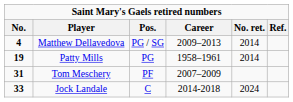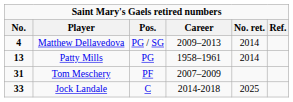 <table class="wikitable sortable" style="text-align:center">
 <tr>
 <td colspan=6><strong>Saint Mary's Gaels retired numbers</strong></td>
 </tr>
 <tr>
 <th width=40px>No.</th>
 <th width=150px>Player</th>
 <th width=px>Pos.</th>
 <th width=100px>Career</th>
 <th width=px>No. ret.</th>
 <th width=px>Ref.</th>
 </tr>
 <tr>
 <td><strong>4</strong></td>
 <td><a href='#'>Matthew Dellavedova</a></td>
 <td><a href='#'>PG</a> / <a href='#'>SG</a></td>
 <td>2009–2013</td>
 <td>2014</td>
 <td></td>
 </tr>
 <tr>
-<td><strong>19</strong></td>
+<td><strong>13</strong></td>
 <td><a href='#'>Patty Mills</a></td>
 <td><a href='#'>PG</a></td>
 <td>1958–1961</td>
 <td>2014</td>
 <td></td>
 </tr>
 <tr>
 <td><strong>31</strong></td>
 <td><a href='#'>Tom Meschery</a></td>
 <td><a href='#'>PF</a></td>
 <td>2007–2009</td>
 <td></td>
 <td></td>
 </tr>
 <tr>
 <td><strong>33</strong></td>
 <td><a href='#'>Jock Landale</a></td>
 <td><a href='#'>C</a></td>
 <td>2014-2018</td>
-<td>2024</td>
+<td>2025</td>
 <td></td>
 </tr>
 </table>
